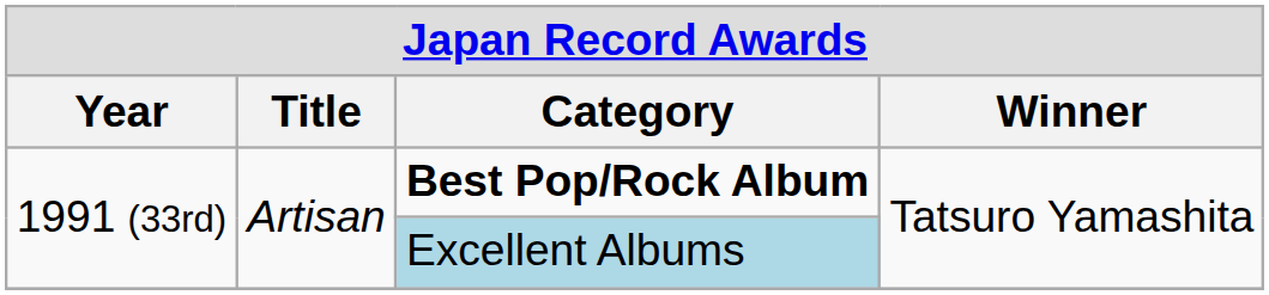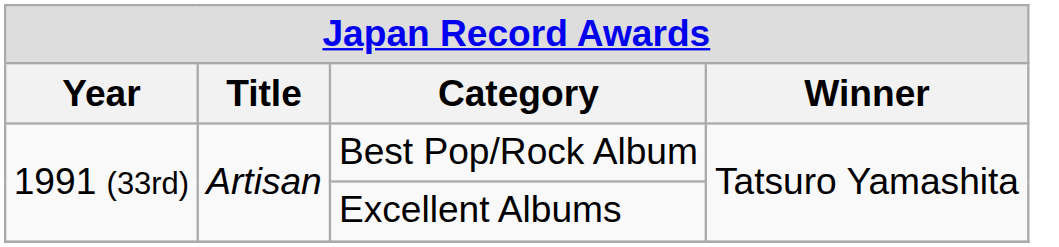 <table class="wikitable" border="1">
 <tr>
 <td colspan=4 bgcolor="#DDDDDD" align=center><strong><a href='#'>Japan Record Awards</a></strong></td>
 </tr>
 <tr>
 <th align="center">Year</th>
 <th align="center">Title</th>
 <th align="center">Category</th>
 <th align="center">Winner</th>
 </tr>
 <tr>
 <td align="left" rowspan=2>1991 <small>(33rd)</small></td>
 <td align="left" rowspan=2><em>Artisan</em></td>
-<td align="left"><strong>Best Pop/Rock Album</strong></td>
+<td align="left">Best Pop/Rock Album</td>
 <td align="left" rowspan=2>Tatsuro Yamashita</td>
 </tr>
 <tr>
-<td align="left" style="background: lightblue;">Excellent Albums</td>
+<td align="left">Excellent Albums</td>
 </tr>
 <tr>
 </tr>
 </table>
